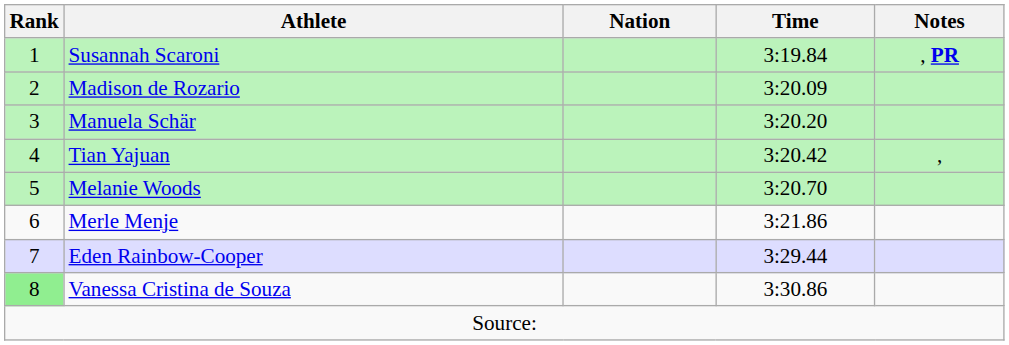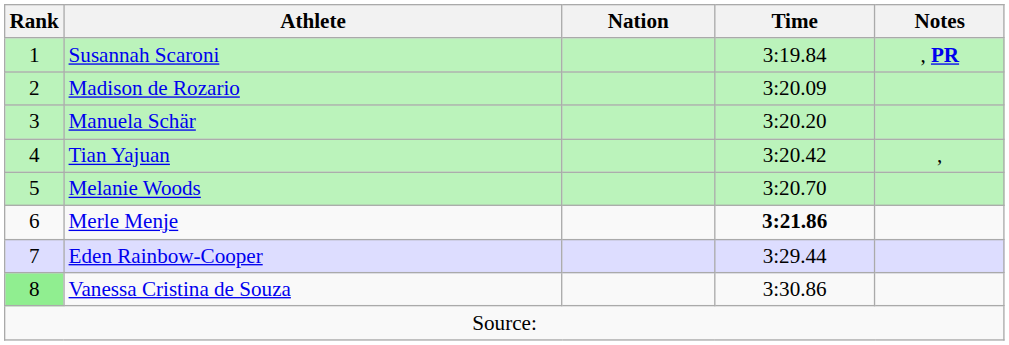 <table class="wikitable sortable" style="text-align:center;width: 60%;">
 <tr>
 <th scope="col" style="width: 10px;">Rank</th>
 <th scope="col">Athlete</th>
 <th scope="col">Nation</th>
 <th scope="col">Time</th>
 <th scope="col">Notes</th>
 </tr>
 <tr bgcolor=bbf3bb>
 <td>1</td>
 <td align=left><a href='#'>Susannah Scaroni</a></td>
 <td align=left></td>
 <td>3:19.84</td>
 <td>, <strong><a href='#'>PR</a></strong></td>
 </tr>
 <tr bgcolor=bbf3bb>
 <td>2</td>
 <td align=left><a href='#'>Madison de Rozario</a></td>
 <td align=left></td>
 <td>3:20.09</td>
 <td></td>
 </tr>
 <tr bgcolor=bbf3bb>
 <td>3</td>
 <td align=left><a href='#'>Manuela Schär</a></td>
 <td align=left></td>
 <td>3:20.20</td>
 <td></td>
 </tr>
 <tr bgcolor=bbf3bb>
 <td>4</td>
 <td align=left><a href='#'>Tian Yajuan</a></td>
 <td align=left></td>
 <td>3:20.42</td>
 <td>, </td>
 </tr>
 <tr bgcolor=bbf3bb>
 <td>5</td>
 <td align=left><a href='#'>Melanie Woods</a></td>
 <td align=left></td>
 <td>3:20.70</td>
 <td></td>
 </tr>
 <tr>
 <td>6</td>
 <td align=left><a href='#'>Merle Menje</a></td>
 <td align=left></td>
-<td>3:21.86</td>
+<td><strong>3:21.86</strong></td>
 <td></td>
 </tr>
 <tr bgcolor=ddddff>
 <td>7</td>
 <td align=left><a href='#'>Eden Rainbow-Cooper</a></td>
 <td align=left></td>
 <td>3:29.44</td>
 <td></td>
 </tr>
 <tr>
 <td style="background: lightgreen;">8</td>
 <td align=left><a href='#'>Vanessa Cristina de Souza</a></td>
 <td align=left></td>
 <td>3:30.86</td>
 <td></td>
 </tr>
 <tr class="sortbottom">
 <td colspan="5">Source:</td>
 </tr>
 </table>
